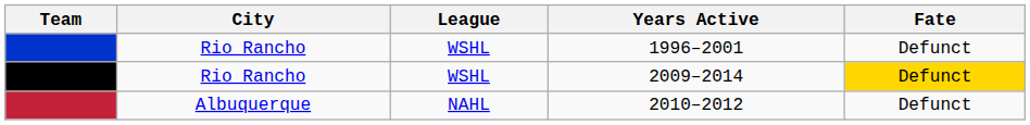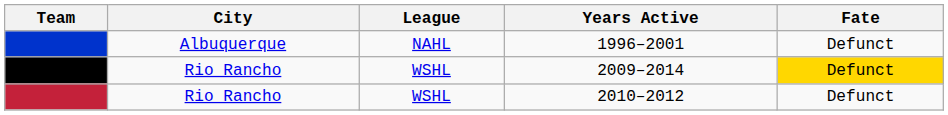 <table class="wikitable sortable" width="60%">
 <tr>
 <th>Team</th>
 <th>City</th>
 <th>League</th>
 <th>Years Active</th>
 <th>Fate</th>
 </tr>
 <tr align=center>
 <td style="color:white; background:#0033cc; "><strong><a href='#'></a></strong></td>
-<td><a href='#'>Rio Rancho</a></td>
-<td><a href='#'>WSHL</a></td>
+<td><a href='#'>Albuquerque</a></td>
+<td><a href='#'>NAHL</a></td>
 <td>1996–2001</td>
 <td>Defunct</td>
 </tr>
 <tr align=center>
 <td style="color:white; background:#000000; "><strong><a href='#'></a></strong></td>
 <td><a href='#'>Rio Rancho</a></td>
 <td><a href='#'>WSHL</a></td>
 <td>2009–2014</td>
 <td style="background: gold;">Defunct</td>
 </tr>
 <tr align=center>
 <td style="color:white; background:#c4213a; "><strong><a href='#'></a></strong></td>
-<td><a href='#'>Albuquerque</a></td>
-<td><a href='#'>NAHL</a></td>
+<td><a href='#'>Rio Rancho</a></td>
+<td><a href='#'>WSHL</a></td>
 <td>2010–2012</td>
 <td>Defunct</td>
 </tr>
 </table>
